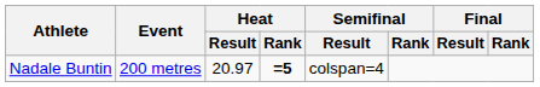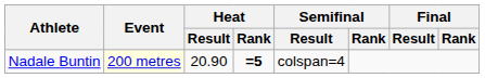 <table class="wikitable" style="font-size:90%">
 <tr>
 <th rowspan="2">Athlete</th>
 <th rowspan="2">Event</th>
 <th colspan="2">Heat</th>
 <th colspan="2">Semifinal</th>
 <th colspan="2">Final</th>
 </tr>
 <tr style="font-size:95%">
 <th>Result</th>
 <th>Rank</th>
 <th>Result</th>
 <th>Rank</th>
 <th>Result</th>
 <th>Rank</th>
 </tr>
 <tr align=center>
 <td align=left><a href='#'>Nadale Buntin</a></td>
-<td align=left><a href='#'>200 metres</a></td>
-<td>20.97</td>
+<td align=left style="background: lightyellow;"><a href='#'>200 metres</a></td>
+<td>20.90</td>
 <td><strong>=5</strong></td>
 <td>colspan=4 </td>
 </tr>
 </table>
